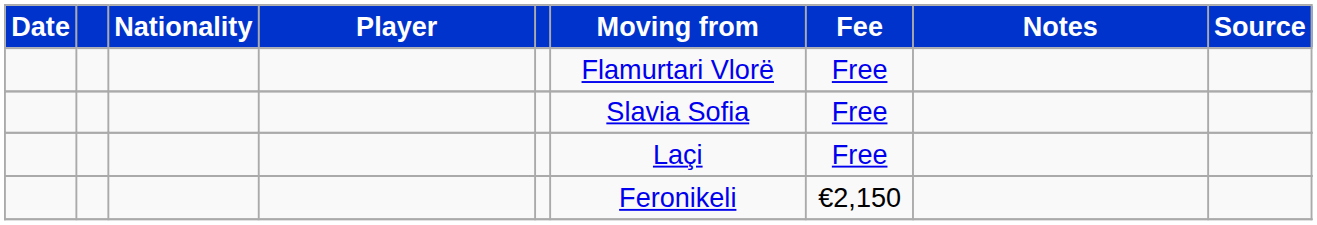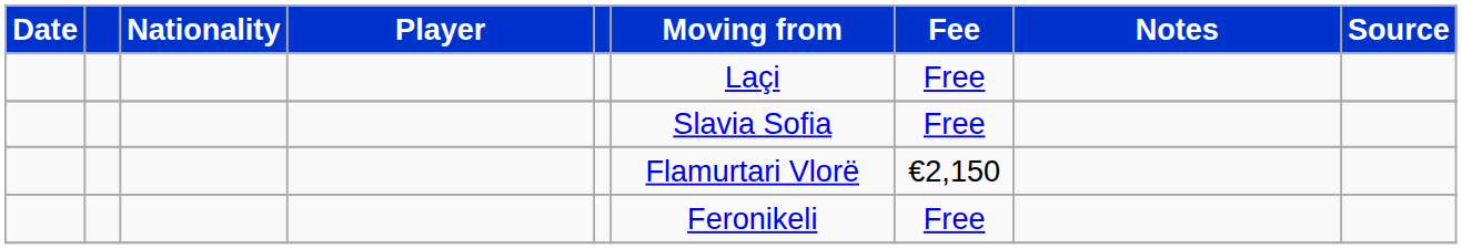 <table class="wikitable" style="text-align:center; font-size:90%; ">
 <tr>
 <th style="background:#03c; color:white; width:15px;">Date</th>
 <th style="background:#03c; color:white; width:10px;"></th>
 <th style="background:#03c; color:white; width:10px;">Nationality</th>
 <th style="background:#03c; color:white; width:140px;">Player</th>
 <th style="background:#03c; color:white; width:1px;"></th>
 <th style="background:#03c; color:white; width:130px;">Moving from</th>
 <th style="background:#03c; color:white; width:50px;">Fee</th>
 <th style="background:#03c; color:white; width:150px;">Notes</th>
 <th style="background:#03c; color:white; width:25px;">Source</th>
 </tr>
 <tr>
 <td></td>
 <td align=center></td>
 <td></td>
 <td></td>
 <td></td>
-<td><a href='#'>Flamurtari Vlorë</a></td>
+<td><a href='#'>Laçi</a></td>
 <td align=center><a href='#'>Free</a></td>
 <td align=center></td>
 <td align=center></td>
 </tr>
 <tr>
 </tr>
 <tr>
 <td></td>
 <td align=center></td>
 <td></td>
 <td></td>
 <td></td>
 <td><a href='#'>Slavia Sofia</a></td>
 <td align=center><a href='#'>Free</a></td>
 <td align=center></td>
 <td align=center></td>
 </tr>
 <tr>
 </tr>
 <tr>
 <td></td>
 <td align=center></td>
 <td></td>
 <td></td>
 <td></td>
-<td><a href='#'>Laçi</a></td>
-<td align=center><a href='#'>Free</a></td>
+<td><a href='#'>Flamurtari Vlorë</a></td>
+<td align=center>€2,150</td>
 <td align=center></td>
 <td align=center></td>
 </tr>
 <tr>
 </tr>
 <tr>
 <td></td>
 <td align=center></td>
 <td></td>
 <td></td>
 <td></td>
 <td><a href='#'>Feronikeli</a></td>
-<td align=center>€2,150</td>
+<td align=center><a href='#'>Free</a></td>
 <td align=center></td>
 <td align=center></td>
 </tr>
 <tr>
 </tr>
 </table>
